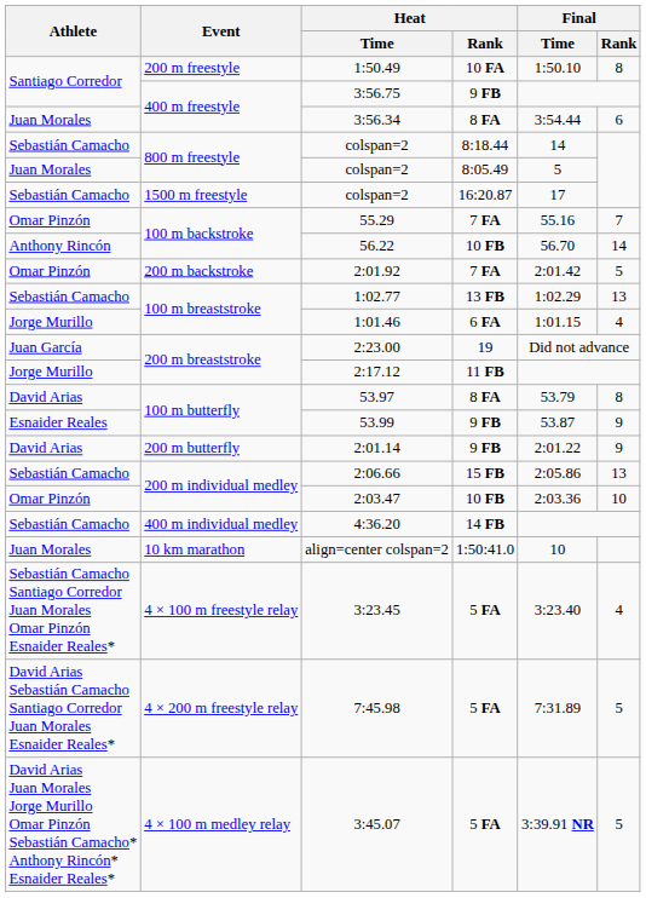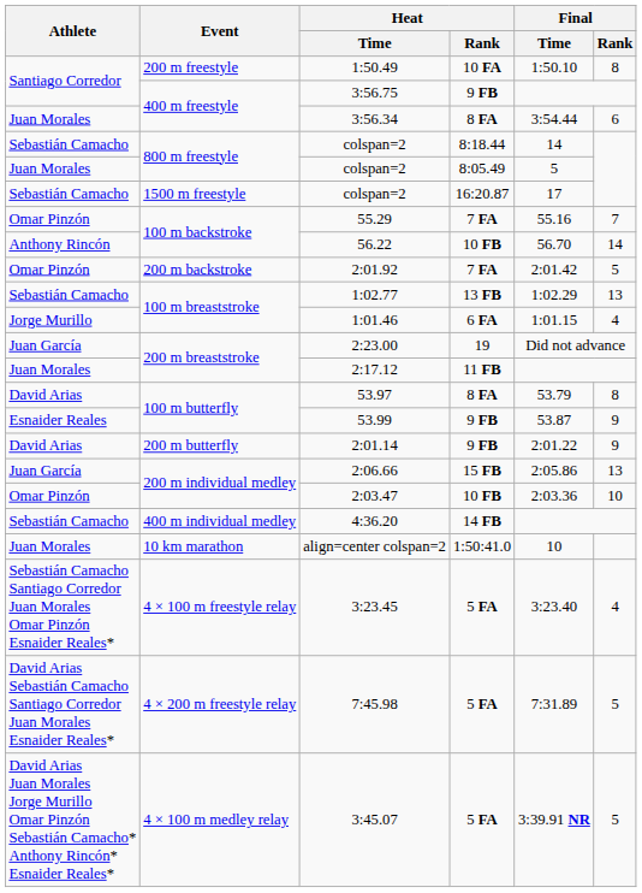 <table class=wikitable style=font-size:90%;text-align:center>
 <tr>
 <th rowspan="2">Athlete</th>
 <th rowspan="2">Event</th>
 <th colspan="2">Heat</th>
 <th colspan="2">Final</th>
 </tr>
 <tr>
 <th>Time</th>
 <th>Rank</th>
 <th>Time</th>
 <th>Rank</th>
 </tr>
 <tr>
 <td align="left" rowspan=2><a href='#'>Santiago Corredor</a></td>
 <td align="left"><a href='#'>200 m freestyle</a></td>
 <td>1:50.49</td>
 <td>10 <strong>FA</strong></td>
 <td>1:50.10</td>
 <td>8</td>
 </tr>
 <tr>
 <td align="left" rowspan=2><a href='#'>400 m freestyle</a></td>
 <td>3:56.75</td>
 <td>9 <strong>FB</strong></td>
 <td colspan=2></td>
 </tr>
 <tr>
 <td align="left"><a href='#'>Juan Morales</a></td>
 <td>3:56.34</td>
 <td>8 <strong>FA</strong></td>
 <td>3:54.44</td>
 <td>6</td>
 </tr>
 <tr>
 <td align="left"><a href='#'>Sebastián Camacho</a></td>
 <td align="left" rowspan=2><a href='#'>800 m freestyle</a></td>
 <td>colspan=2 </td>
 <td>8:18.44</td>
 <td>14</td>
 </tr>
 <tr>
 <td align="left"><a href='#'>Juan Morales</a></td>
 <td>colspan=2 </td>
 <td>8:05.49</td>
 <td>5</td>
 </tr>
 <tr>
 <td align="left"><a href='#'>Sebastián Camacho</a></td>
 <td align="left"><a href='#'>1500 m freestyle</a></td>
 <td>colspan=2 </td>
 <td>16:20.87</td>
 <td>17</td>
 </tr>
 <tr>
 <td align="left"><a href='#'>Omar Pinzón</a></td>
 <td align="left" rowspan=2><a href='#'>100 m backstroke</a></td>
 <td>55.29</td>
 <td>7 <strong>FA</strong></td>
 <td>55.16</td>
 <td>7</td>
 </tr>
 <tr>
 <td align="left"><a href='#'>Anthony Rincón</a></td>
 <td>56.22</td>
 <td>10 <strong>FB</strong></td>
 <td>56.70</td>
 <td>14</td>
 </tr>
 <tr>
 <td align="left"><a href='#'>Omar Pinzón</a></td>
 <td align="left"><a href='#'>200 m backstroke</a></td>
 <td>2:01.92</td>
 <td>7 <strong>FA</strong></td>
 <td>2:01.42</td>
 <td>5</td>
 </tr>
 <tr>
 <td align="left"><a href='#'>Sebastián Camacho</a></td>
 <td align="left" rowspan=2><a href='#'>100 m breaststroke</a></td>
 <td>1:02.77</td>
 <td>13 <strong>FB</strong></td>
 <td>1:02.29</td>
 <td>13</td>
 </tr>
 <tr>
 <td align="left"><a href='#'>Jorge Murillo</a></td>
 <td>1:01.46</td>
 <td>6 <strong>FA</strong></td>
 <td>1:01.15</td>
 <td>4</td>
 </tr>
 <tr>
 <td align="left"><a href='#'>Juan García</a></td>
 <td align="left" rowspan=2><a href='#'>200 m breaststroke</a></td>
 <td>2:23.00</td>
 <td>19</td>
 <td colspan=2>Did not advance</td>
 </tr>
 <tr>
-<td align="left"><a href='#'>Jorge Murillo</a></td>
+<td align="left"><a href='#'>Juan Morales</a></td>
 <td>2:17.12</td>
 <td>11 <strong>FB</strong></td>
 <td colspan=2></td>
 </tr>
 <tr>
 <td align="left"><a href='#'>David Arias</a></td>
 <td align="left" rowspan=2><a href='#'>100 m butterfly</a></td>
 <td>53.97</td>
 <td>8 <strong>FA</strong></td>
 <td>53.79</td>
 <td>8</td>
 </tr>
 <tr>
 <td align="left"><a href='#'>Esnaider Reales</a></td>
 <td>53.99</td>
 <td>9 <strong>FB</strong></td>
 <td>53.87</td>
 <td>9</td>
 </tr>
 <tr>
 <td align="left"><a href='#'>David Arias</a></td>
 <td align="left"><a href='#'>200 m butterfly</a></td>
 <td>2:01.14</td>
 <td>9 <strong>FB</strong></td>
 <td>2:01.22</td>
 <td>9</td>
 </tr>
 <tr>
-<td align="left"><a href='#'>Sebastián Camacho</a></td>
+<td align="left"><a href='#'>Juan García</a></td>
 <td align="left" rowspan=2><a href='#'>200 m individual medley</a></td>
 <td>2:06.66</td>
 <td>15 <strong>FB</strong></td>
 <td>2:05.86</td>
 <td>13</td>
 </tr>
 <tr>
 <td align="left"><a href='#'>Omar Pinzón</a></td>
 <td>2:03.47</td>
 <td>10 <strong>FB</strong></td>
 <td>2:03.36</td>
 <td>10</td>
 </tr>
 <tr>
 <td align="left"><a href='#'>Sebastián Camacho</a></td>
 <td align="left"><a href='#'>400 m individual medley</a></td>
 <td>4:36.20</td>
 <td>14 <strong>FB</strong></td>
 <td colspan=2></td>
 </tr>
 <tr>
 <td align="left"><a href='#'>Juan Morales</a></td>
 <td align="left"><a href='#'>10 km marathon</a></td>
 <td>align=center colspan=2 </td>
 <td align=center>1:50:41.0</td>
 <td align=center>10</td>
 </tr>
 <tr>
 <td align=left><a href='#'>Sebastián Camacho</a><br><a href='#'>Santiago Corredor</a><br><a href='#'>Juan Morales</a><br><a href='#'>Omar Pinzón</a><br><a href='#'>Esnaider Reales</a>*</td>
 <td align=left><a href='#'>4 × 100 m freestyle relay</a></td>
 <td>3:23.45</td>
 <td>5 <strong>FA</strong></td>
 <td>3:23.40</td>
 <td>4</td>
 </tr>
 <tr>
 <td align=left><a href='#'>David Arias</a><br><a href='#'>Sebastián Camacho</a><br><a href='#'>Santiago Corredor</a><br><a href='#'>Juan Morales</a><br><a href='#'>Esnaider Reales</a>*</td>
 <td align=left><a href='#'>4 × 200 m freestyle relay</a></td>
 <td>7:45.98</td>
 <td>5 <strong>FA</strong></td>
 <td>7:31.89</td>
 <td>5</td>
 </tr>
 <tr>
 <td align=left><a href='#'>David Arias</a><br><a href='#'>Juan Morales</a><br><a href='#'>Jorge Murillo</a><br><a href='#'>Omar Pinzón</a><br><a href='#'>Sebastián Camacho</a>*<br><a href='#'>Anthony Rincón</a>*<br><a href='#'>Esnaider Reales</a>*</td>
 <td align=left><a href='#'>4 × 100 m medley relay</a></td>
 <td>3:45.07</td>
 <td>5 <strong>FA</strong></td>
 <td>3:39.91 <strong><a href='#'>NR</a></strong></td>
 <td>5</td>
 </tr>
 </table>
